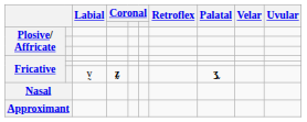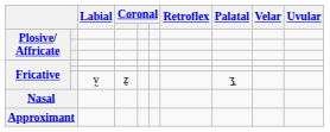 <table class="wikitable" style="text-align:center;">
 <tr>
 <th rowspan="2" colspan="2"></th>
 <th rowspan="2"><a href='#'>Labial</a></th>
 <th colspan="3"><a href='#'>Coronal</a></th>
 <th rowspan="2"><a href='#'>Retroflex</a></th>
 <th rowspan="2"><a href='#'>Palatal</a></th>
 <th rowspan="2"><a href='#'>Velar</a></th>
 <th rowspan="2"><a href='#'>Uvular</a></th>
 </tr>
 <tr>
 <th></th>
 <th></th>
 <th></th>
 </tr>
 <tr>
 <th rowspan="3"><a href='#'>Plosive</a>/<br><a href='#'>Affricate</a></th>
 <th></th>
 <td></td>
 <td></td>
 <td></td>
 <td></td>
 <td></td>
 <td></td>
 <td></td>
 <td></td>
 </tr>
 <tr>
 <th></th>
 <td></td>
 <td></td>
 <td></td>
 <td></td>
 <td></td>
 <td></td>
 <td></td>
 <td></td>
 </tr>
 <tr>
 <th></th>
 <td></td>
 <td></td>
 <td></td>
 <td></td>
 <td></td>
 <td></td>
 <td></td>
 <td></td>
 </tr>
 <tr>
 <th rowspan="3"><a href='#'>Fricative</a></th>
 <th></th>
 <td></td>
 <td></td>
 <td></td>
 <td></td>
 <td></td>
 <td></td>
 <td></td>
 <td></td>
 </tr>
 <tr>
 <th></th>
 <td></td>
 <td></td>
 <td></td>
 <td></td>
 <td></td>
 <td></td>
 <td></td>
 <td></td>
 </tr>
 <tr>
 <th></th>
 <td>v̰</td>
-<td><strong>z̰</strong></td>
+<td>z̰</td>
 <td></td>
 <td></td>
 <td></td>
-<td><strong>ʒ̰</strong></td>
+<td>ʒ̰</td>
 <td></td>
 <td></td>
 </tr>
 <tr>
 <th colspan="2"><a href='#'>Nasal</a></th>
 <td></td>
 <td></td>
 <td></td>
 <td></td>
 <td></td>
 <td></td>
 <td></td>
 <td></td>
 </tr>
 <tr>
 <th colspan="2"><a href='#'>Approximant</a></th>
 <td></td>
 <td></td>
 <td></td>
 <td></td>
 <td></td>
 <td></td>
 <td></td>
 <td></td>
 </tr>
 </table>
